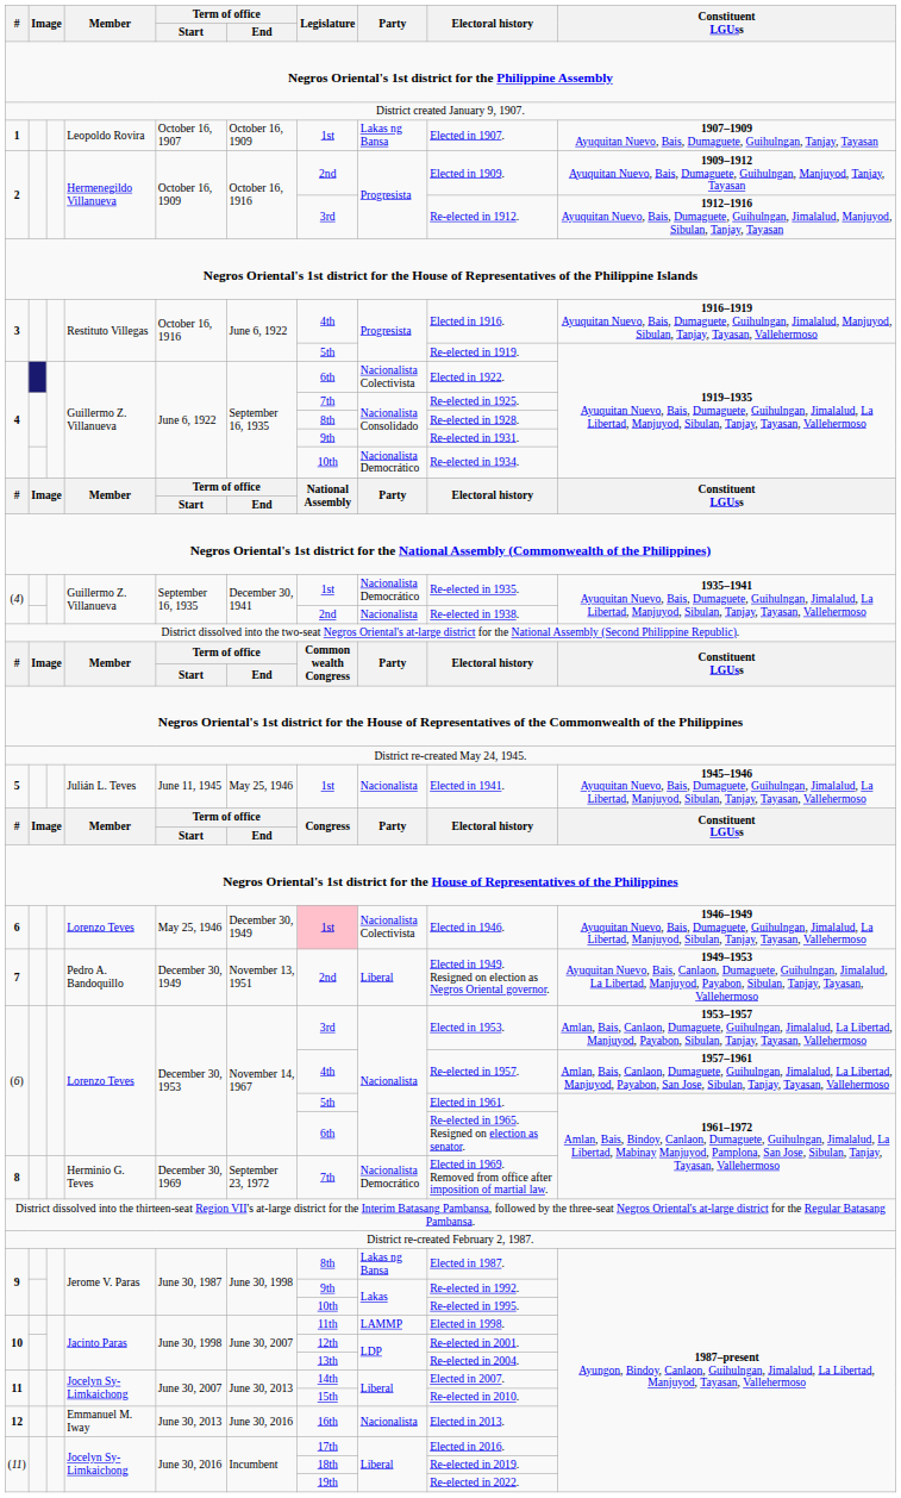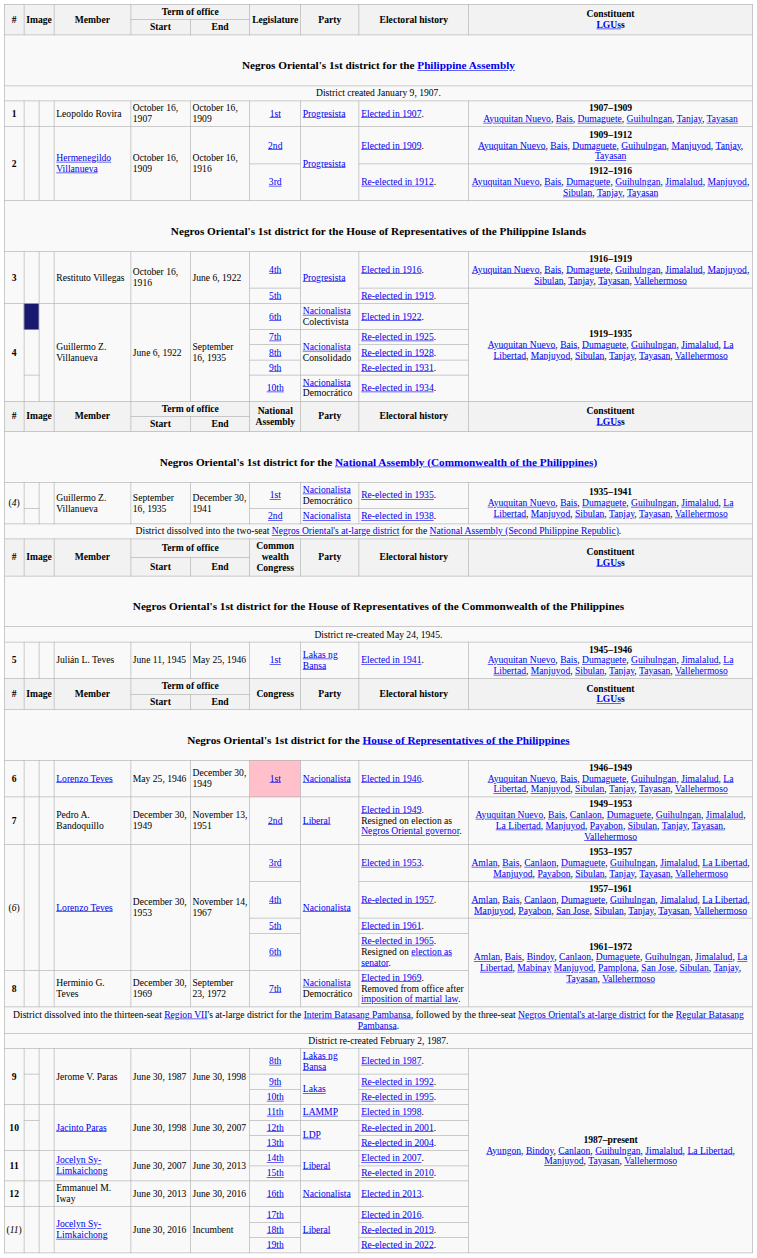 <table class=wikitable>
 <tr>
 <th rowspan="2">#</th>
 <th rowspan="2" colspan=2>Image</th>
 <th rowspan="2">Member</th>
 <th colspan=2>Term of office</th>
 <th rowspan="2">Legislature</th>
 <th rowspan="2">Party</th>
 <th rowspan="2">Electoral history</th>
 <th rowspan="2">Constituent<br><a href='#'>LGUs</a>s</th>
 </tr>
 <tr>
 <th>Start</th>
 <th>End</th>
 </tr>
 <tr>
 <td colspan="10" style="text-align:center;"><br><h3>Negros Oriental's 1st district for the <a href='#'>Philippine Assembly</a></h3></td>
 </tr>
 <tr>
 <td colspan="10" style="text-align:center;">District created January 9, 1907.</td>
 </tr>
 <tr>
 <td style="text-align:center;"><strong>1</strong></td>
 <td style="color:inherit;background:"></td>
 <td></td>
 <td>Leopoldo Rovira</td>
 <td>October 16, 1907</td>
 <td>October 16, 1909</td>
 <td style="text-align:center;"><a href='#'>1st</a></td>
-<td><a href='#'>Lakas ng Bansa</a></td>
+<td><a href='#'>Progresista</a></td>
 <td><a href='#'>Elected in 1907</a>.</td>
 <td style="text-align:center;"><strong>1907–1909</strong><br><a href='#'>Ayuquitan Nuevo</a>, <a href='#'>Bais</a>, <a href='#'>Dumaguete</a>, <a href='#'>Guihulngan</a>, <a href='#'>Tanjay</a>, <a href='#'>Tayasan</a></td>
 </tr>
 <tr>
 <td rowspan="2" style="text-align:center;"><strong>2</strong></td>
 <td rowspan="2" style="color:inherit;background:"></td>
 <td rowspan="2"></td>
 <td rowspan="2"><a href='#'>Hermenegildo Villanueva</a></td>
 <td rowspan="2">October 16, 1909</td>
 <td rowspan="2">October 16, 1916</td>
 <td style="text-align:center;"><a href='#'>2nd</a></td>
 <td rowspan="2"><a href='#'>Progresista</a></td>
 <td><a href='#'>Elected in 1909</a>.</td>
 <td style="text-align:center;"><strong>1909–1912</strong><br><a href='#'>Ayuquitan Nuevo</a>, <a href='#'>Bais</a>, <a href='#'>Dumaguete</a>, <a href='#'>Guihulngan</a>, <a href='#'>Manjuyod</a>, <a href='#'>Tanjay</a>, <a href='#'>Tayasan</a></td>
 </tr>
 <tr>
 <td style="text-align:center;"><a href='#'>3rd</a></td>
 <td><a href='#'>Re-elected in 1912</a>.</td>
 <td style="text-align:center;"><strong>1912–1916</strong><br><a href='#'>Ayuquitan Nuevo</a>, <a href='#'>Bais</a>, <a href='#'>Dumaguete</a>, <a href='#'>Guihulngan</a>, <a href='#'>Jimalalud</a>, <a href='#'>Manjuyod</a>, <a href='#'>Sibulan</a>, <a href='#'>Tanjay</a>, <a href='#'>Tayasan</a></td>
 </tr>
 <tr>
 <td colspan="10" style="text-align:center;"><br><h3>Negros Oriental's 1st district for the House of Representatives of the Philippine Islands</h3></td>
 </tr>
 <tr>
 <td rowspan="2" style="text-align:center;"><strong>3</strong></td>
 <td rowspan="2" style="color:inherit;background:"></td>
 <td rowspan="2"></td>
 <td rowspan="2">Restituto Villegas</td>
 <td rowspan="2">October 16, 1916</td>
 <td rowspan="2">June 6, 1922</td>
 <td style="text-align:center;"><a href='#'>4th</a></td>
 <td rowspan="2"><a href='#'>Progresista</a></td>
 <td><a href='#'>Elected in 1916</a>.</td>
 <td style="text-align:center;"><strong>1916–1919</strong><br><a href='#'>Ayuquitan Nuevo</a>, <a href='#'>Bais</a>, <a href='#'>Dumaguete</a>, <a href='#'>Guihulngan</a>, <a href='#'>Jimalalud</a>, <a href='#'>Manjuyod</a>, <a href='#'>Sibulan</a>, <a href='#'>Tanjay</a>, <a href='#'>Tayasan</a>, <a href='#'>Vallehermoso</a></td>
 </tr>
 <tr>
 <td style="text-align:center;"><a href='#'>5th</a></td>
 <td><a href='#'>Re-elected in 1919</a>.</td>
 <td rowspan="6" style="text-align:center;"><strong>1919–1935</strong><br><a href='#'>Ayuquitan Nuevo</a>, <a href='#'>Bais</a>, <a href='#'>Dumaguete</a>, <a href='#'>Guihulngan</a>, <a href='#'>Jimalalud</a>, <a href='#'>La Libertad</a>, <a href='#'>Manjuyod</a>, <a href='#'>Sibulan</a>, <a href='#'>Tanjay</a>, <a href='#'>Tayasan</a>, <a href='#'>Vallehermoso</a></td>
 </tr>
 <tr>
 <td rowspan="5" style="text-align:center;"><strong>4</strong></td>
 <td style="background-color:#191970"></td>
 <td rowspan="5"></td>
 <td rowspan="5">Guillermo Z. Villanueva</td>
 <td rowspan="5">June 6, 1922</td>
 <td rowspan="5">September 16, 1935</td>
 <td style="text-align:center;"><a href='#'>6th</a></td>
 <td><a href='#'>Nacionalista</a><br>Colectivista</td>
 <td><a href='#'>Elected in 1922</a>.</td>
 </tr>
 <tr>
 <td rowspan="3" style="color:inherit;background:"></td>
 <td style="text-align:center;"><a href='#'>7th</a></td>
 <td rowspan="3"><a href='#'>Nacionalista</a><br>Consolidado</td>
 <td><a href='#'>Re-elected in 1925</a>.</td>
 </tr>
 <tr>
 <td style="text-align:center;"><a href='#'>8th</a></td>
 <td><a href='#'>Re-elected in 1928</a>.</td>
 </tr>
 <tr>
 <td style="text-align:center;"><a href='#'>9th</a></td>
 <td><a href='#'>Re-elected in 1931</a>.</td>
 </tr>
 <tr>
 <td style="color:inherit;background:"></td>
 <td style="text-align:center;"><a href='#'>10th</a></td>
 <td><a href='#'>Nacionalista</a><br>Democrático</td>
 <td><a href='#'>Re-elected in 1934</a>.</td>
 </tr>
 <tr>
 <th rowspan="2">#</th>
 <th rowspan="2" colspan=2>Image</th>
 <th rowspan="2">Member</th>
 <th colspan=2>Term of office</th>
 <th rowspan="2">National<br>Assembly</th>
 <th rowspan="2">Party</th>
 <th rowspan="2">Electoral history</th>
 <th rowspan="2">Constituent<br><a href='#'>LGUs</a>s</th>
 </tr>
 <tr>
 <th>Start</th>
 <th>End</th>
 </tr>
 <tr>
 <td colspan="10" style="text-align:center;"><br><h3>Negros Oriental's 1st district for the <a href='#'>National Assembly (Commonwealth of the Philippines)</a></h3></td>
 </tr>
 <tr>
 <td rowspan="2" style="text-align:center;">(<em>4</em>)</td>
 <td style="color:inherit;background:"></td>
 <td rowspan="2"></td>
 <td rowspan="2">Guillermo Z. Villanueva</td>
 <td rowspan="2">September 16, 1935</td>
 <td rowspan="2">December 30, 1941</td>
 <td style="text-align:center;"><a href='#'>1st</a></td>
 <td><a href='#'>Nacionalista</a><br>Democrático</td>
 <td><a href='#'>Re-elected in 1935</a>.</td>
 <td rowspan="2" style="text-align:center;"><strong>1935–1941</strong><br><a href='#'>Ayuquitan Nuevo</a>, <a href='#'>Bais</a>, <a href='#'>Dumaguete</a>, <a href='#'>Guihulngan</a>, <a href='#'>Jimalalud</a>, <a href='#'>La Libertad</a>, <a href='#'>Manjuyod</a>, <a href='#'>Sibulan</a>, <a href='#'>Tanjay</a>, <a href='#'>Tayasan</a>, <a href='#'>Vallehermoso</a></td>
 </tr>
 <tr>
 <td style="color:inherit;background:"></td>
 <td style="text-align:center;"><a href='#'>2nd</a></td>
 <td><a href='#'>Nacionalista</a></td>
 <td><a href='#'>Re-elected in 1938</a>.</td>
 </tr>
 <tr>
 <td colspan="10" style="text-align:center;">District dissolved into the two-seat <a href='#'>Negros Oriental's at-large district</a> for the <a href='#'>National Assembly (Second Philippine Republic)</a>.</td>
 </tr>
 <tr>
 <th rowspan="2">#</th>
 <th rowspan="2" colspan=2>Image</th>
 <th rowspan="2">Member</th>
 <th colspan=2>Term of office</th>
 <th rowspan="2">Common<br>wealth<br>Congress</th>
 <th rowspan="2">Party</th>
 <th rowspan="2">Electoral history</th>
 <th rowspan="2">Constituent<br><a href='#'>LGUs</a>s</th>
 </tr>
 <tr>
 <th>Start</th>
 <th>End</th>
 </tr>
 <tr>
 <td colspan="10" style="text-align:center;"><br><h3>Negros Oriental's 1st district for the House of Representatives of the Commonwealth of the Philippines</h3></td>
 </tr>
 <tr>
 <td colspan="10" style="text-align:center;">District re-created May 24, 1945.</td>
 </tr>
 <tr>
 <td style="text-align:center;"><strong>5</strong></td>
 <td style="color:inherit;background:"></td>
 <td></td>
 <td>Julián L. Teves</td>
 <td>June 11, 1945</td>
 <td>May 25, 1946</td>
 <td style="text-align:center;"><a href='#'>1st</a></td>
-<td><a href='#'>Nacionalista</a></td>
+<td><a href='#'>Lakas ng Bansa</a></td>
 <td><a href='#'>Elected in 1941</a>.</td>
 <td style="text-align:center;"><strong>1945–1946</strong><br><a href='#'>Ayuquitan Nuevo</a>, <a href='#'>Bais</a>, <a href='#'>Dumaguete</a>, <a href='#'>Guihulngan</a>, <a href='#'>Jimalalud</a>, <a href='#'>La Libertad</a>, <a href='#'>Manjuyod</a>, <a href='#'>Sibulan</a>, <a href='#'>Tanjay</a>, <a href='#'>Tayasan</a>, <a href='#'>Vallehermoso</a></td>
 </tr>
 <tr>
 <th rowspan="2">#</th>
 <th rowspan="2" colspan=2>Image</th>
 <th rowspan="2">Member</th>
 <th colspan=2>Term of office</th>
 <th rowspan="2">Congress</th>
 <th rowspan="2">Party</th>
 <th rowspan="2">Electoral history</th>
 <th rowspan="2">Constituent<br><a href='#'>LGUs</a>s</th>
 </tr>
 <tr>
 <th>Start</th>
 <th>End</th>
 </tr>
 <tr>
 <td colspan="10" style="text-align:center;"><br><h3>Negros Oriental's 1st district for the <a href='#'>House of Representatives of the Philippines</a></h3></td>
 </tr>
 <tr>
 <td style="text-align:center;"><strong>6</strong></td>
 <td style="color:inherit;background:"></td>
 <td></td>
 <td><a href='#'>Lorenzo Teves</a></td>
 <td>May 25, 1946</td>
 <td>December 30, 1949</td>
 <td style="background: pink; text-align:center;"><a href='#'>1st</a></td>
-<td><a href='#'>Nacionalista</a><br>Colectivista</td>
+<td><a href='#'>Nacionalista</a></td>
 <td><a href='#'>Elected in 1946</a>.</td>
 <td style="text-align:center;"><strong>1946–1949</strong><br><a href='#'>Ayuquitan Nuevo</a>, <a href='#'>Bais</a>, <a href='#'>Dumaguete</a>, <a href='#'>Guihulngan</a>, <a href='#'>Jimalalud</a>, <a href='#'>La Libertad</a>, <a href='#'>Manjuyod</a>, <a href='#'>Sibulan</a>, <a href='#'>Tanjay</a>, <a href='#'>Tayasan</a>, <a href='#'>Vallehermoso</a></td>
 </tr>
 <tr>
 <td style="text-align:center;"><strong>7</strong></td>
 <td style="color:inherit;background:"></td>
 <td></td>
 <td>Pedro A. Bandoquillo</td>
 <td>December 30, 1949</td>
 <td>November 13, 1951</td>
 <td style="text-align:center;"><a href='#'>2nd</a></td>
 <td><a href='#'>Liberal</a></td>
 <td><a href='#'>Elected in 1949</a>.<br>Resigned on election as <a href='#'>Negros Oriental governor</a>.</td>
 <td style="text-align:center;"><strong>1949–1953</strong><br><a href='#'>Ayuquitan Nuevo</a>, <a href='#'>Bais</a>, <a href='#'>Canlaon</a>, <a href='#'>Dumaguete</a>, <a href='#'>Guihulngan</a>, <a href='#'>Jimalalud</a>, <a href='#'>La Libertad</a>, <a href='#'>Manjuyod</a>, <a href='#'>Payabon</a>, <a href='#'>Sibulan</a>, <a href='#'>Tanjay</a>, <a href='#'>Tayasan</a>, <a href='#'>Vallehermoso</a></td>
 </tr>
 <tr>
 <td rowspan="4" style="text-align:center;">(<em>6</em>)</td>
 <td rowspan="4" style="color:inherit;background:"></td>
 <td rowspan="4"></td>
 <td rowspan="4"><a href='#'>Lorenzo Teves</a></td>
 <td rowspan="4">December 30, 1953</td>
 <td rowspan="4">November 14, 1967</td>
 <td style="text-align:center;"><a href='#'>3rd</a></td>
 <td rowspan="4"><a href='#'>Nacionalista</a></td>
 <td><a href='#'>Elected in 1953</a>.</td>
 <td style="text-align:center;"><strong>1953–1957</strong><br><a href='#'>Amlan</a>, <a href='#'>Bais</a>, <a href='#'>Canlaon</a>, <a href='#'>Dumaguete</a>, <a href='#'>Guihulngan</a>, <a href='#'>Jimalalud</a>, <a href='#'>La Libertad</a>, <a href='#'>Manjuyod</a>, <a href='#'>Payabon</a>, <a href='#'>Sibulan</a>, <a href='#'>Tanjay</a>, <a href='#'>Tayasan</a>, <a href='#'>Vallehermoso</a></td>
 </tr>
 <tr>
 <td style="text-align:center;"><a href='#'>4th</a></td>
 <td><a href='#'>Re-elected in 1957</a>.</td>
 <td style="text-align:center;"><strong>1957–1961</strong><br><a href='#'>Amlan</a>, <a href='#'>Bais</a>, <a href='#'>Canlaon</a>, <a href='#'>Dumaguete</a>, <a href='#'>Guihulngan</a>, <a href='#'>Jimalalud</a>, <a href='#'>La Libertad</a>, <a href='#'>Manjuyod</a>, <a href='#'>Payabon</a>, <a href='#'>San Jose</a>, <a href='#'>Sibulan</a>, <a href='#'>Tanjay</a>, <a href='#'>Tayasan</a>, <a href='#'>Vallehermoso</a></td>
 </tr>
 <tr>
 <td style="text-align:center;"><a href='#'>5th</a></td>
 <td><a href='#'>Elected in 1961</a>.</td>
 <td rowspan="3" style="text-align:center;"><strong>1961–1972</strong><br><a href='#'>Amlan</a>, <a href='#'>Bais</a>, <a href='#'>Bindoy</a>, <a href='#'>Canlaon</a>, <a href='#'>Dumaguete</a>, <a href='#'>Guihulngan</a>, <a href='#'>Jimalalud</a>, <a href='#'>La Libertad</a>, <a href='#'>Mabinay</a> <a href='#'>Manjuyod</a>, <a href='#'>Pamplona</a>, <a href='#'>San Jose</a>, <a href='#'>Sibulan</a>, <a href='#'>Tanjay</a>, <a href='#'>Tayasan</a>, <a href='#'>Vallehermoso</a></td>
 </tr>
 <tr>
 <td style="text-align:center;"><a href='#'>6th</a></td>
 <td><a href='#'>Re-elected in 1965</a>.<br>Resigned on <a href='#'>election as senator</a>.</td>
 </tr>
 <tr>
 <td style="text-align:center;"><strong>8</strong></td>
 <td style="color:inherit;background:"></td>
 <td></td>
 <td>Herminio G. Teves</td>
 <td>December 30, 1969</td>
 <td>September 23, 1972</td>
 <td style="text-align:center;"><a href='#'>7th</a></td>
 <td><a href='#'>Nacionalista</a><br>Democrático</td>
 <td><a href='#'>Elected in 1969</a>.<br>Removed from office after <a href='#'>imposition of martial law</a>.</td>
 </tr>
 <tr>
 <td colspan="10" style="text-align:center;">District dissolved into the thirteen-seat <a href='#'>Region VII</a>'s at-large district for the <a href='#'>Interim Batasang Pambansa</a>, followed by the three-seat <a href='#'>Negros Oriental's at-large district</a> for the <a href='#'>Regular Batasang Pambansa</a>.</td>
 </tr>
 <tr>
 <td colspan="10" style="text-align:center;">District re-created February 2, 1987.</td>
 </tr>
 <tr>
 <td rowspan="3" style="text-align:center;"><strong>9</strong></td>
 <td style="color:inherit;background:"></td>
 <td rowspan="3"></td>
 <td rowspan="3">Jerome V. Paras</td>
 <td rowspan="3">June 30, 1987</td>
 <td rowspan="3">June 30, 1998</td>
 <td style="text-align:center;"><a href='#'>8th</a></td>
 <td><a href='#'>Lakas ng Bansa</a></td>
 <td><a href='#'>Elected in 1987</a>.</td>
 <td rowspan="12" style="text-align:center;"><strong>1987–present</strong><br><a href='#'>Ayungon</a>, <a href='#'>Bindoy</a>, <a href='#'>Canlaon</a>, <a href='#'>Guihulngan</a>, <a href='#'>Jimalalud</a>, <a href='#'>La Libertad</a>, <a href='#'>Manjuyod</a>, <a href='#'>Tayasan</a>, <a href='#'>Vallehermoso</a></td>
 </tr>
 <tr>
 <td rowspan="2" style="color:inherit;background:"></td>
 <td style="text-align:center;"><a href='#'>9th</a></td>
 <td rowspan="2"><a href='#'>Lakas</a></td>
 <td><a href='#'>Re-elected in 1992</a>.</td>
 </tr>
 <tr>
 <td style="text-align:center;"><a href='#'>10th</a></td>
 <td><a href='#'>Re-elected in 1995</a>.</td>
 </tr>
 <tr>
 <td rowspan="3" style="text-align:center;"><strong>10</strong></td>
 <td style="color:inherit;background:"></td>
 <td rowspan="3"></td>
 <td rowspan="3"><a href='#'>Jacinto Paras</a></td>
 <td rowspan="3">June 30, 1998</td>
 <td rowspan="3">June 30, 2007</td>
 <td style="text-align:center;"><a href='#'>11th</a></td>
 <td><a href='#'>LAMMP</a></td>
 <td><a href='#'>Elected in 1998</a>.</td>
 </tr>
 <tr>
 <td rowspan="2" style="color:inherit;background:"></td>
 <td style="text-align:center;"><a href='#'>12th</a></td>
 <td rowspan="2"><a href='#'>LDP</a></td>
 <td><a href='#'>Re-elected in 2001</a>.</td>
 </tr>
 <tr>
 <td style="text-align:center;"><a href='#'>13th</a></td>
 <td><a href='#'>Re-elected in 2004</a>.</td>
 </tr>
 <tr>
 <td rowspan="2" style="text-align:center;"><strong>11</strong></td>
 <td rowspan="2" style="color:inherit;background:"></td>
 <td rowspan="2"></td>
 <td rowspan="2"><a href='#'>Jocelyn Sy-Limkaichong</a></td>
 <td rowspan="2">June 30, 2007</td>
 <td rowspan="2">June 30, 2013</td>
 <td style="text-align:center;"><a href='#'>14th</a></td>
 <td rowspan="2"><a href='#'>Liberal</a></td>
 <td><a href='#'>Elected in 2007</a>.</td>
 </tr>
 <tr>
 <td style="text-align:center;"><a href='#'>15th</a></td>
 <td><a href='#'>Re-elected in 2010</a>.</td>
 </tr>
 <tr>
 <td style="text-align:center;"><strong>12</strong></td>
 <td style="color:inherit;background:"></td>
 <td></td>
 <td>Emmanuel M. Iway</td>
 <td>June 30, 2013</td>
 <td>June 30, 2016</td>
 <td style="text-align:center;"><a href='#'>16th</a></td>
 <td><a href='#'>Nacionalista</a></td>
 <td><a href='#'>Elected in 2013</a>.</td>
 </tr>
 <tr>
 <td rowspan="3" style="text-align:center;">(<em>11</em>)</td>
 <td rowspan="3" style="color:inherit;background:"></td>
 <td rowspan="3"></td>
 <td rowspan="3"><a href='#'>Jocelyn Sy-Limkaichong</a></td>
 <td rowspan="3">June 30, 2016</td>
 <td rowspan="3">Incumbent</td>
 <td style="text-align:center;"><a href='#'>17th</a></td>
 <td rowspan="3"><a href='#'>Liberal</a></td>
 <td><a href='#'>Elected in 2016</a>.</td>
 </tr>
 <tr>
 <td style="text-align:center;"><a href='#'>18th</a></td>
 <td><a href='#'>Re-elected in 2019</a>.</td>
 </tr>
 <tr>
 <td style="text-align:center;"><a href='#'>19th</a></td>
 <td><a href='#'>Re-elected in 2022</a>.</td>
 </tr>
 </table>
